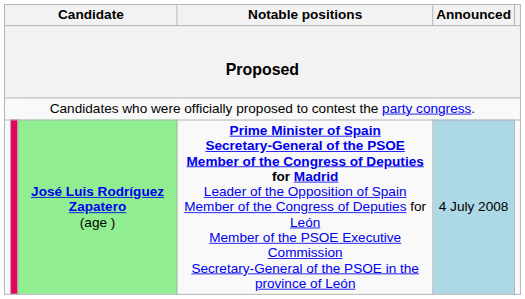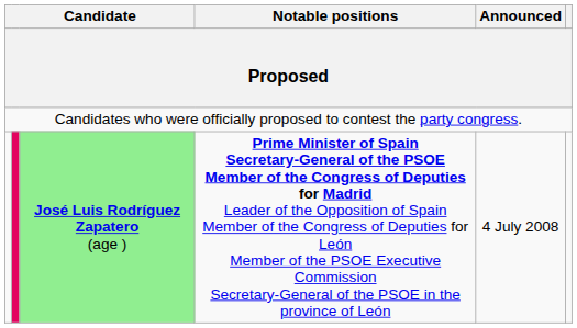 <table class="wikitable" style="text-align:center;">
 <tr>
 <th colspan="3">Candidate</th>
 <th>Notable positions</th>
 <th>Announced</th>
 <th></th>
 </tr>
 <tr>
 <th colspan="6"><br><h3>Proposed</h3></th>
 </tr>
 <tr>
 <td colspan="6">Candidates who were officially proposed to contest the <a href='#'>party congress</a>.</td>
 </tr>
 <tr>
 <td></td>
 <td width="1px" style="color:inherit;background:#E3035F"></td>
 <td style="background: lightgreen;"><strong><a href='#'>José Luis Rodríguez Zapatero</a></strong><br>(age )</td>
 <td><strong><a href='#'>Prime Minister of Spain</a> <br><a href='#'>Secretary-General of the PSOE</a> <br><a href='#'>Member of the Congress of Deputies</a> for <a href='#'>Madrid</a> </strong><br><a href='#'>Leader of the Opposition of Spain</a> <br><a href='#'>Member of the Congress of Deputies</a> for <a href='#'>León</a> <br><a href='#'>Member of the PSOE Executive Commission</a> <br><a href='#'>Secretary-General of the PSOE in the province of León</a> </td>
-<td style="background: lightblue;">4 July 2008</td>
+<td>4 July 2008</td>
 <td></td>
 </tr>
 </table>
